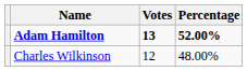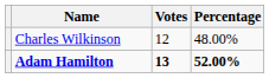 <table class="wikitable">
 <tr>
 <th></th>
 <th>Name</th>
 <th>Votes</th>
 <th>Percentage</th>
 </tr>
 <tr>
 <th style="background-color: "></th>
+<td><a href='#'>Charles Wilkinson</a></td>
+<td>12</td>
+<td>48.00%</td>
+</tr>
+<tr>
+<th style="background-color: "></th>
 <td width="150"><strong><a href='#'>Adam Hamilton</a></strong></td>
 <td><strong>13</strong></td>
 <td><strong>52.00%</strong></td>
 </tr>
-<tr>
-<th style="background-color: "></th>
-<td><a href='#'>Charles Wilkinson</a></td>
-<td>12</td>
-<td>48.00%</td>
-</tr>
 </table>
